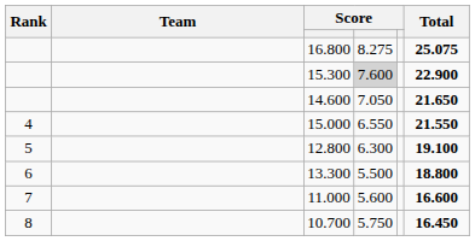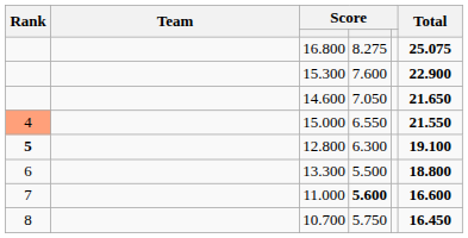 <table class=wikitable style="text-align:center">
 <tr>
 <th width="40" rowspan="2">Rank</th>
 <th width="250" rowspan="2">Team</th>
 <th width="60" colspan="3">Score</th>
 <th width="60" rowspan="2">Total</th>
 </tr>
 <tr>
 <th></th>
 <th></th>
 <th></th>
 </tr>
 <tr>
 <td></td>
 <td align="left"></td>
 <td>16.800</td>
 <td>8.275</td>
 <td></td>
 <td><strong>25.075</strong></td>
 </tr>
 <tr>
 <td></td>
 <td align="left"></td>
 <td>15.300</td>
-<td style="background: lightgrey;">7.600</td>
+<td>7.600</td>
 <td></td>
 <td><strong>22.900</strong></td>
 </tr>
 <tr>
 <td></td>
 <td align="left"></td>
 <td>14.600</td>
 <td>7.050</td>
 <td></td>
 <td><strong>21.650</strong></td>
 </tr>
 <tr>
-<td>4</td>
+<td style="background: lightsalmon;">4</td>
 <td align="left"></td>
 <td>15.000</td>
 <td>6.550</td>
 <td></td>
 <td><strong>21.550</strong></td>
 </tr>
 <tr>
-<td>5</td>
+<td><strong>5</strong></td>
 <td align="left"></td>
 <td>12.800</td>
 <td>6.300</td>
 <td></td>
 <td><strong>19.100</strong></td>
 </tr>
 <tr>
 <td>6</td>
 <td align="left"></td>
 <td>13.300</td>
 <td>5.500</td>
 <td></td>
 <td><strong>18.800</strong></td>
 </tr>
 <tr>
 <td>7</td>
 <td align="left"></td>
 <td>11.000</td>
-<td>5.600</td>
+<td><strong>5.600</strong></td>
 <td></td>
 <td><strong>16.600</strong></td>
 </tr>
 <tr>
 <td>8</td>
 <td align="left"></td>
 <td>10.700</td>
 <td>5.750</td>
 <td></td>
 <td><strong>16.450</strong></td>
 </tr>
 </table>
